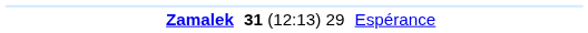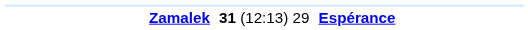 <table style="text-align:center" width=550>
 <tr>
 <th width=30%></th>
 <th width=15%></th>
 <th width=30%></th>
 </tr>
 <tr align="left" bgcolor=#D0E7FF>
 <td colspan=4></td>
 </tr>
 <tr>
 <td align="right"><strong><a href='#'>Zamalek</a></strong> </td>
 <td><strong>31</strong> (12:13) 29</td>
-<td align=left> <a href='#'>Espérance</a></td>
+<td align=left><strong> <a href='#'>Espérance</a></strong></td>
 </tr>
 </table>
